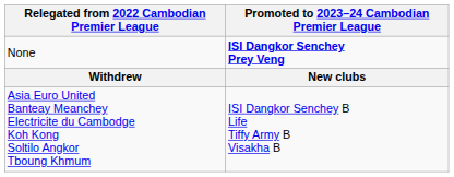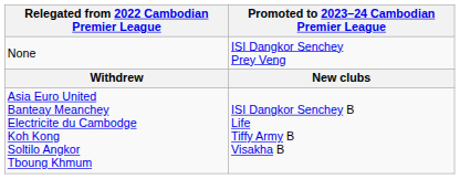 <table class="wikitable">
 <tr>
 <th>Relegated from <a href='#'>2022 Cambodian Premier League</a></th>
 <th>Promoted to <a href='#'>2023–24 Cambodian Premier League</a></th>
 </tr>
 <tr>
 <td>None</td>
-<td><strong><a href='#'>ISI Dangkor Senchey</a><br><a href='#'>Prey Veng</a></strong></td>
+<td><a href='#'>ISI Dangkor Senchey</a><br><a href='#'>Prey Veng</a></td>
 </tr>
 <tr>
 <th>Withdrew</th>
 <th>New clubs</th>
 </tr>
 <tr>
 <td><a href='#'>Asia Euro United</a><br><a href='#'>Banteay Meanchey</a><br><a href='#'>Electricite du Cambodge</a><br><a href='#'>Koh Kong</a><br><a href='#'>Soltilo Angkor</a><br><a href='#'>Tboung Khmum</a></td>
 <td><a href='#'>ISI Dangkor Senchey</a> B<br><a href='#'>Life</a><br><a href='#'>Tiffy Army</a> B<br><a href='#'>Visakha</a> B</td>
 </tr>
 </table>
